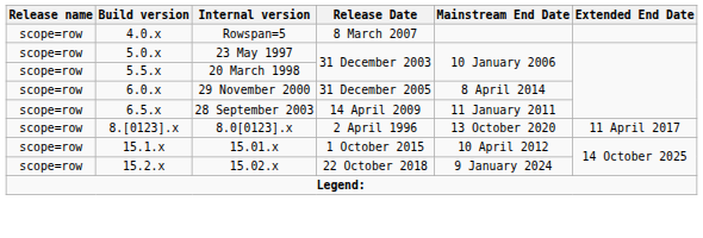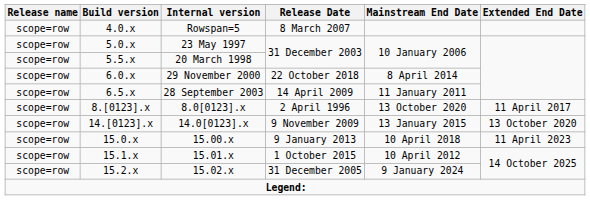 <table class="wikitable sortable" style="margin:0 auto;text-align:center">
 <tr>
 <th scope=col>Release name</th>
 <th scope=col>Build version</th>
 <th scope=col>Internal version</th>
 <th scope=col>Release Date</th>
 <th scope=col>Mainstream End Date</th>
 <th scope=col>Extended End Date</th>
 </tr>
 <tr>
 <td>scope=row </td>
 <td>4.0.x</td>
 <td>Rowspan=5 </td>
 <td>8 March 2007</td>
 <td> </td>
 <td></td>
 </tr>
 <tr>
 <td>scope=row </td>
 <td>5.0.x</td>
 <td>23 May 1997</td>
 <td rowspan=2>31 December 2003</td>
 <td rowspan=2>10 January 2006</td>
 </tr>
 <tr>
 <td>scope=row </td>
 <td>5.5.x</td>
 <td>20 March 1998</td>
 </tr>
 <tr>
 <td>scope=row </td>
 <td>6.0.x</td>
 <td>29 November 2000</td>
-<td>31 December 2005</td>
+<td>22 October 2018</td>
 <td>8 April 2014</td>
 </tr>
 <tr>
 <td>scope=row </td>
 <td>6.5.x</td>
 <td>28 September 2003</td>
 <td>14 April 2009</td>
 <td>11 January 2011</td>
 </tr>
 <tr>
 <td>scope=row </td>
 <td>8.[0123].x</td>
 <td>8.0[0123].x</td>
 <td>2 April 1996</td>
 <td>13 October 2020</td>
 <td>11 April 2017</td>
 </tr>
 <tr>
 <td>scope=row </td>
+<td>14.[0123].x</td>
+<td>14.0[0123].x</td>
+<td>9 November 2009</td>
+<td>13 January 2015</td>
+<td>13 October 2020</td>
+</tr>
+<tr>
+<td>scope=row </td>
+<td>15.0.x</td>
+<td>15.00.x</td>
+<td>9 January 2013</td>
+<td>10 April 2018</td>
+<td>11 April 2023</td>
+</tr>
+<tr>
+<td>scope=row </td>
 <td>15.1.x</td>
 <td>15.01.x</td>
 <td>1 October 2015</td>
 <td>10 April 2012</td>
 <td rowspan=2>14 October 2025</td>
 </tr>
 <tr>
 <td>scope=row </td>
 <td>15.2.x</td>
 <td>15.02.x</td>
-<td>22 October 2018</td>
+<td>31 December 2005</td>
 <td>9 January 2024</td>
 </tr>
 <tr>
 <td colspan=6><strong>Legend:</strong>   </td>
 </tr>
 </table>
